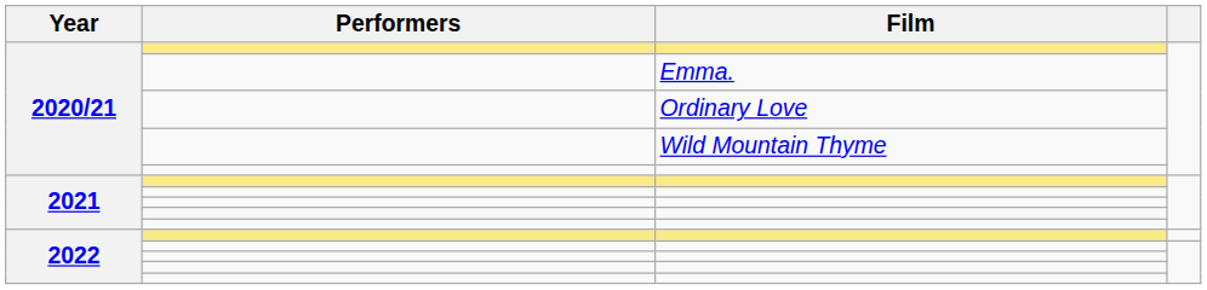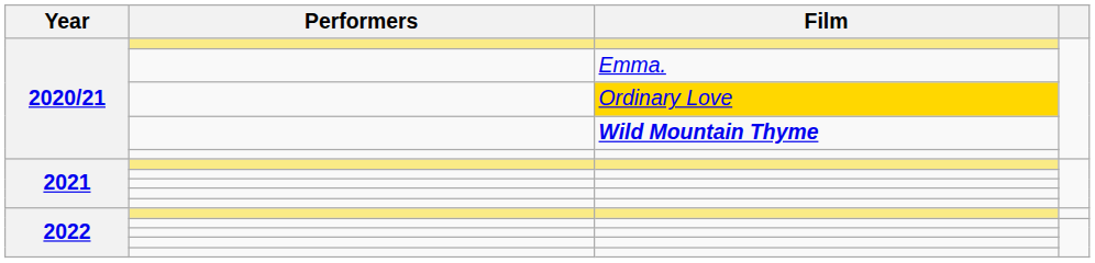 <table class="wikitable sortable">
 <tr>
 <th scope="col" style="width:8%;">Year</th>
 <th scope="col" style="width:30%;">Performers</th>
 <th scope="col" style="width:30%;">Film</th>
 <th scope="col" style="width:2%;" class="unsortable"></th>
 </tr>
 <tr>
 <th scope="row" rowspan=5 style="text-align:center;"><a href='#'>2020/21</a><br></th>
 <td style="background:#FAEB86;"><strong></strong></td>
 <td style="background:#FAEB86;"><strong></strong> </td>
 <td rowspan=5></td>
 </tr>
 <tr>
 <td></td>
 <td><em><a href='#'>Emma.</a></em></td>
 </tr>
 <tr>
 <td></td>
-<td><em><a href='#'>Ordinary Love</a></em></td>
+<td style="background: gold;"><em><a href='#'>Ordinary Love</a></em></td>
 </tr>
 <tr>
 <td></td>
-<td><em><a href='#'>Wild Mountain Thyme</a></em></td>
+<td><strong><em><a href='#'>Wild Mountain Thyme</a></em></strong></td>
 </tr>
 <tr>
 <td></td>
 <td></td>
 </tr>
 <tr>
 <th scope="row" rowspan=5 style="text-align:center;"><a href='#'>2021</a><br></th>
 <td style="background:#FAEB86;"><strong></strong></td>
 <td style="background:#FAEB86;"><strong></strong></td>
 <td rowspan=5></td>
 </tr>
 <tr>
 <td></td>
 <td></td>
 </tr>
 <tr>
 <td></td>
 <td></td>
 </tr>
 <tr>
 <td></td>
 <td></td>
 </tr>
 <tr>
 <td></td>
 <td></td>
 </tr>
 <tr>
 <th scope="row" rowspan=5 style="text-align:center;"><a href='#'>2022</a><br></th>
 <td style="background:#FAEB86;"><strong></strong></td>
 <td style="background:#FAEB86;"><strong></strong></td>
 </tr>
 <tr>
 <td></td>
 <td></td>
 <td rowspan=5></td>
 </tr>
 <tr>
 <td></td>
 <td></td>
 </tr>
 <tr>
 <td></td>
 <td></td>
 </tr>
 <tr>
 <td></td>
 <td></td>
 </tr>
 </table>
